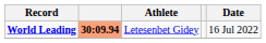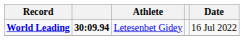 <table class="wikitable">
 <tr>
 <th>Record</th>
 <th></th>
 <th>Athlete</th>
 <th></th>
 <th>Date</th>
 </tr>
 <tr>
 <td><strong><a href='#'>World Leading</a></strong></td>
-<td style="background: lightsalmon;"><strong>30:09.94</strong></td>
+<td><strong>30:09.94</strong></td>
 <td><a href='#'>Letesenbet Gidey</a></td>
 <td></td>
 <td>16 Jul 2022</td>
 </tr>
 <tr>
 </tr>
 </table>
